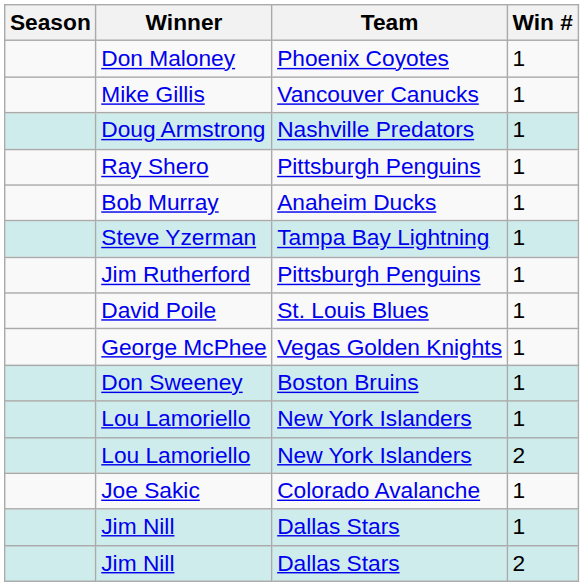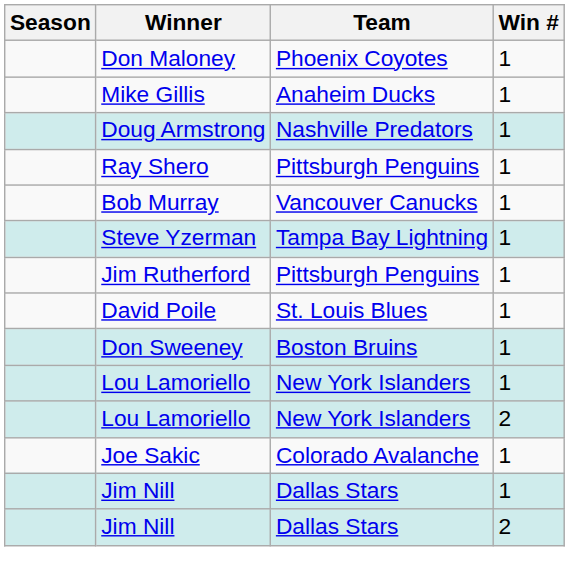 <table class="wikitable sortable" style="margin: 1em 1em 1em 0; background: ">
 <tr>
 <th style="background: ">Season</th>
 <th style="background: ">Winner</th>
 <th style="background: ">Team</th>
 <th style="background: ">Win #</th>
 </tr>
 <tr>
 <td></td>
 <td><a href='#'>Don Maloney</a></td>
 <td><a href='#'>Phoenix Coyotes</a></td>
 <td>1</td>
 </tr>
 <tr>
 <td></td>
 <td><a href='#'>Mike Gillis</a></td>
-<td><a href='#'>Vancouver Canucks</a></td>
+<td><a href='#'>Anaheim Ducks</a></td>
 <td>1</td>
 </tr>
 <tr bgcolor="#CFECEC">
 <td></td>
 <td><a href='#'>Doug Armstrong</a></td>
 <td><a href='#'>Nashville Predators</a></td>
 <td>1</td>
 </tr>
 <tr>
 <td></td>
 <td><a href='#'>Ray Shero</a></td>
 <td><a href='#'>Pittsburgh Penguins</a></td>
 <td>1</td>
 </tr>
 <tr>
 <td></td>
 <td><a href='#'>Bob Murray</a></td>
-<td><a href='#'>Anaheim Ducks</a></td>
+<td><a href='#'>Vancouver Canucks</a></td>
 <td>1</td>
 </tr>
 <tr bgcolor="#CFECEC">
 <td></td>
 <td><a href='#'>Steve Yzerman</a></td>
 <td><a href='#'>Tampa Bay Lightning</a></td>
 <td>1</td>
 </tr>
 <tr>
 <td></td>
 <td><a href='#'>Jim Rutherford</a></td>
 <td><a href='#'>Pittsburgh Penguins</a></td>
 <td>1</td>
 </tr>
 <tr>
 <td></td>
 <td><a href='#'>David Poile</a></td>
 <td><a href='#'>St. Louis Blues</a></td>
-<td>1</td>
-</tr>
-<tr>
-<td></td>
-<td><a href='#'>George McPhee</a></td>
-<td><a href='#'>Vegas Golden Knights</a></td>
 <td>1</td>
 </tr>
 <tr bgcolor="#CFECEC">
 <td></td>
 <td><a href='#'>Don Sweeney</a></td>
 <td><a href='#'>Boston Bruins</a></td>
 <td>1</td>
 </tr>
 <tr bgcolor="#CFECEC">
 <td></td>
 <td><a href='#'>Lou Lamoriello</a></td>
 <td><a href='#'>New York Islanders</a></td>
 <td>1</td>
 </tr>
 <tr bgcolor="#CFECEC">
 <td></td>
 <td><a href='#'>Lou Lamoriello</a></td>
 <td><a href='#'>New York Islanders</a></td>
 <td>2</td>
 </tr>
 <tr>
 <td></td>
 <td><a href='#'>Joe Sakic</a></td>
 <td><a href='#'>Colorado Avalanche</a></td>
 <td>1</td>
 </tr>
 <tr bgcolor="#CFECEC">
 <td></td>
 <td><a href='#'>Jim Nill</a></td>
 <td><a href='#'>Dallas Stars</a></td>
 <td>1</td>
 </tr>
 <tr bgcolor="#CFECEC">
 <td></td>
 <td><a href='#'>Jim Nill</a></td>
 <td><a href='#'>Dallas Stars</a></td>
 <td>2</td>
 </tr>
 </table>
